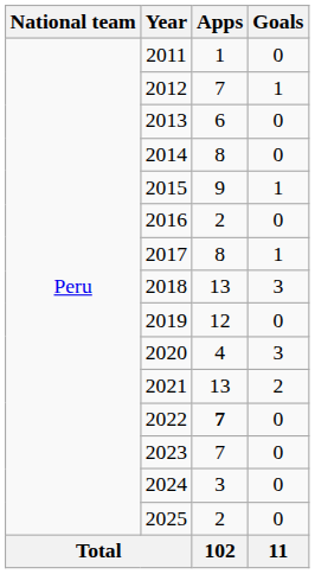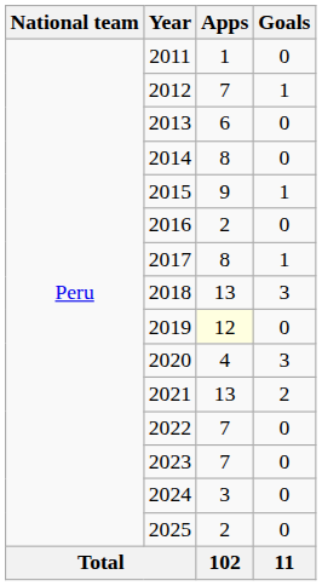 <table class="wikitable" style="text-align:center">
 <tr>
 <th>National team</th>
 <th>Year</th>
 <th>Apps</th>
 <th>Goals</th>
 </tr>
 <tr>
 <td rowspan="15"><a href='#'>Peru</a></td>
 <td>2011</td>
 <td>1</td>
 <td>0</td>
 </tr>
 <tr>
 <td>2012</td>
 <td>7</td>
 <td>1</td>
 </tr>
 <tr>
 <td>2013</td>
 <td>6</td>
 <td>0</td>
 </tr>
 <tr>
 <td>2014</td>
 <td>8</td>
 <td>0</td>
 </tr>
 <tr>
 <td>2015</td>
 <td>9</td>
 <td>1</td>
 </tr>
 <tr>
 <td>2016</td>
 <td>2</td>
 <td>0</td>
 </tr>
 <tr>
 <td>2017</td>
 <td>8</td>
 <td>1</td>
 </tr>
 <tr>
 <td>2018</td>
 <td>13</td>
 <td>3</td>
 </tr>
 <tr>
 <td>2019</td>
-<td>12</td>
+<td style="background: lightyellow;">12</td>
 <td>0</td>
 </tr>
 <tr>
 <td>2020</td>
 <td>4</td>
 <td>3</td>
 </tr>
 <tr>
 <td>2021</td>
 <td>13</td>
 <td>2</td>
 </tr>
 <tr>
 <td>2022</td>
-<td><strong>7</strong></td>
+<td>7</td>
 <td>0</td>
 </tr>
 <tr>
 <td>2023</td>
 <td>7</td>
 <td>0</td>
 </tr>
 <tr>
 <td>2024</td>
 <td>3</td>
 <td>0</td>
 </tr>
 <tr>
 <td>2025</td>
 <td>2</td>
 <td>0</td>
 </tr>
 <tr>
 <th colspan="2">Total</th>
 <th>102</th>
 <th>11</th>
 </tr>
 </table>
